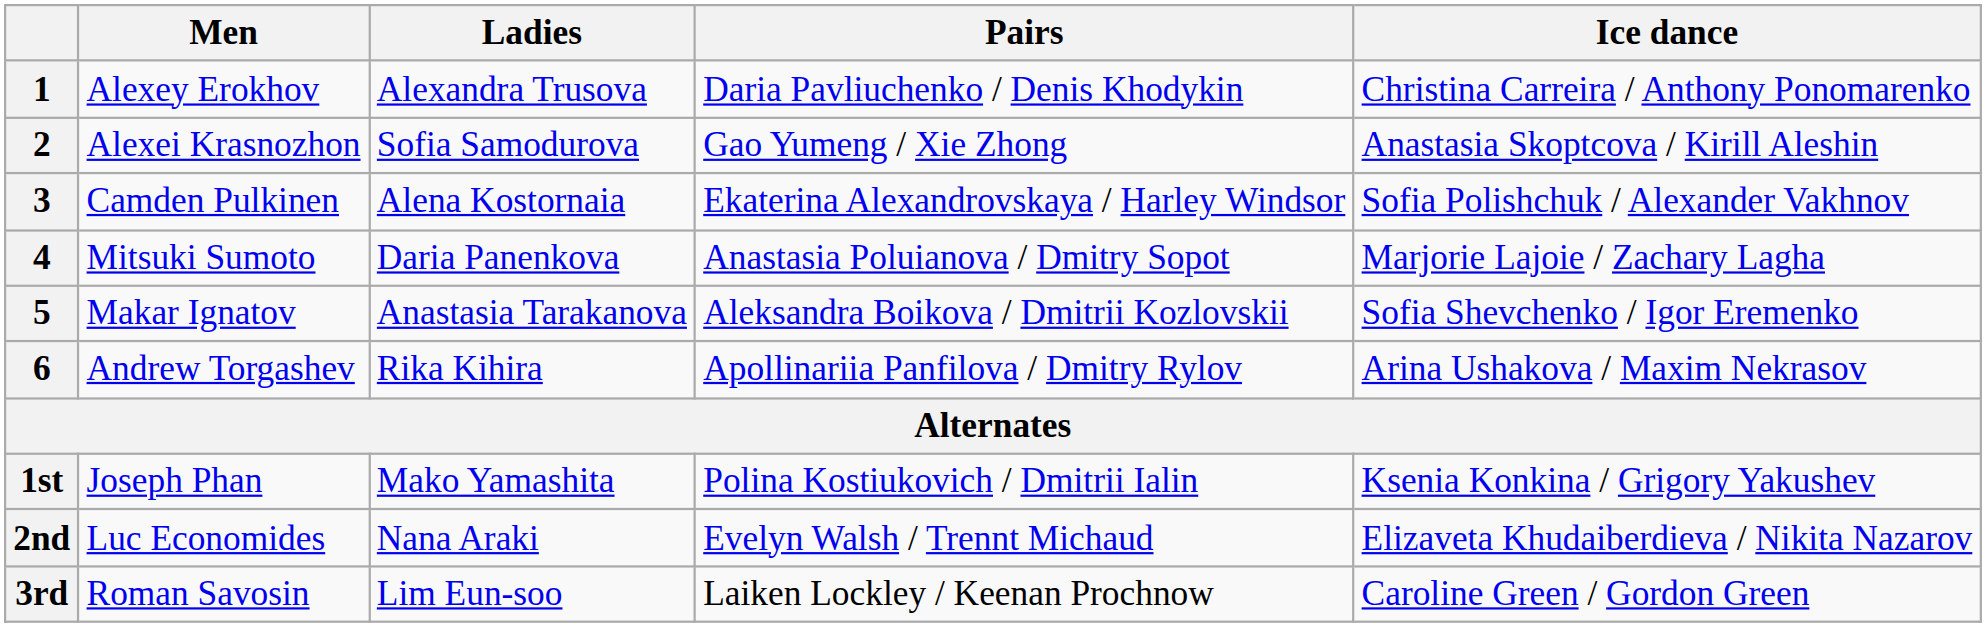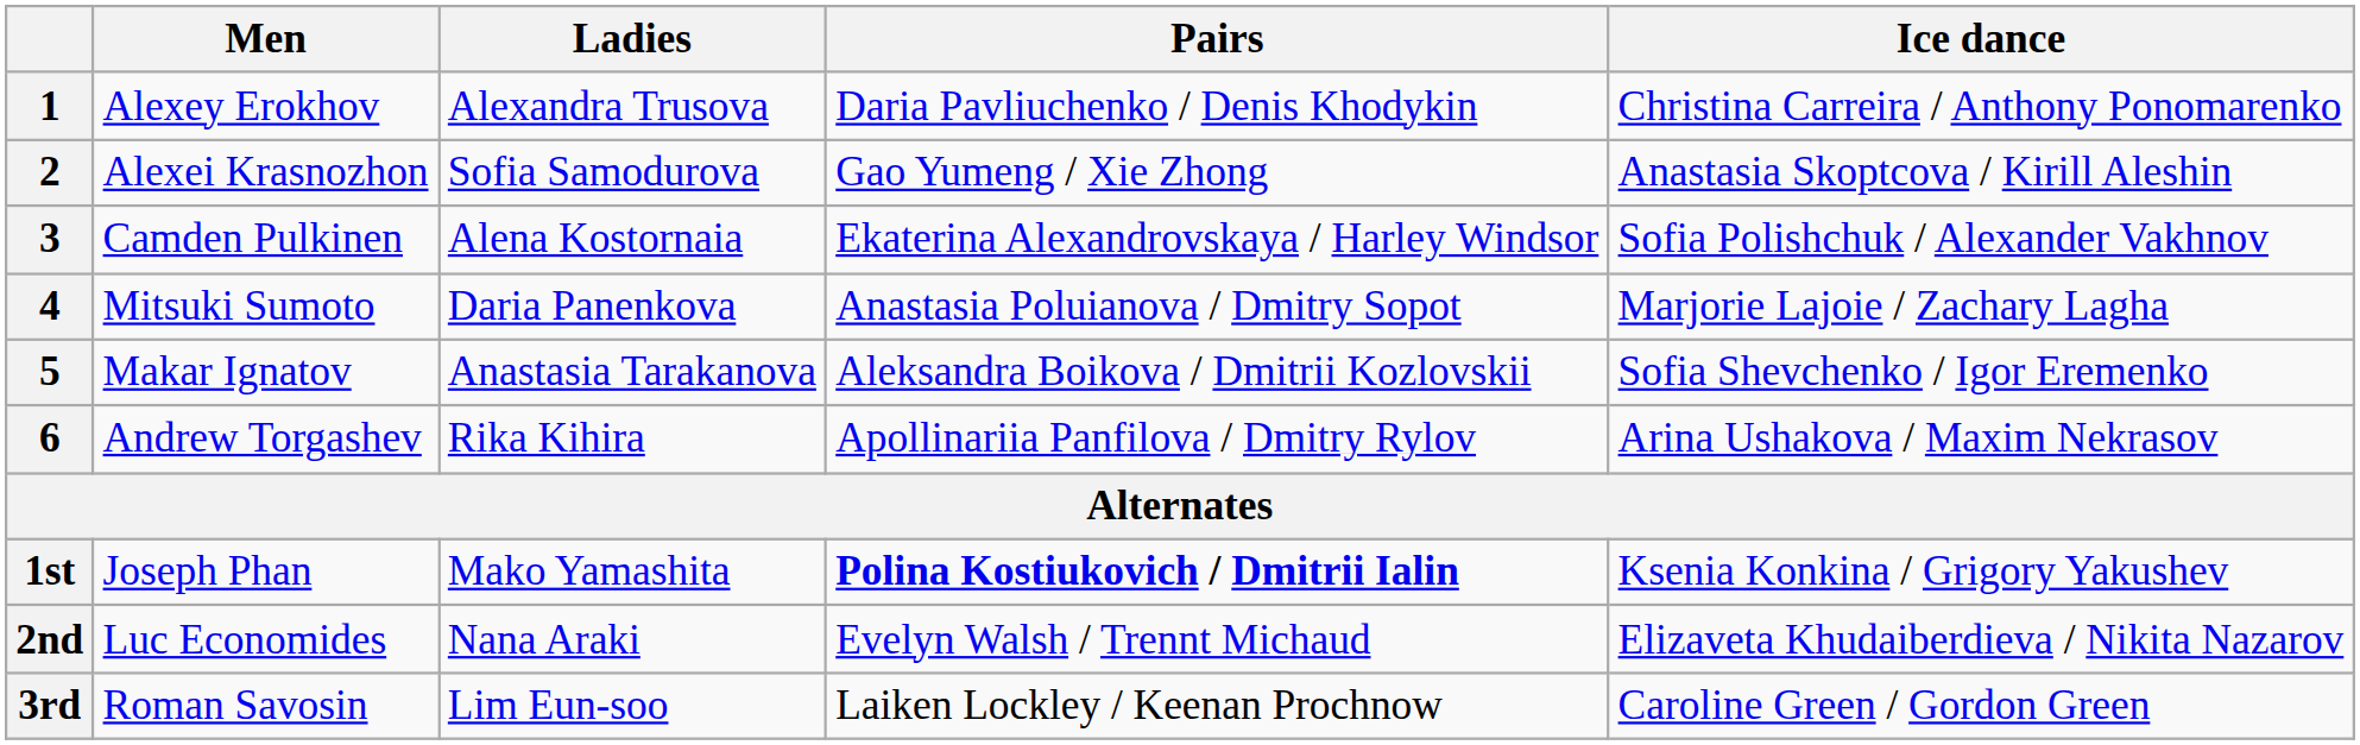 <table class="wikitable">
 <tr>
 <th></th>
 <th>Men</th>
 <th>Ladies</th>
 <th>Pairs</th>
 <th>Ice dance</th>
 </tr>
 <tr>
 <th>1</th>
 <td> <a href='#'>Alexey Erokhov</a></td>
 <td> <a href='#'>Alexandra Trusova</a></td>
 <td> <a href='#'>Daria Pavliuchenko</a> / <a href='#'>Denis Khodykin</a></td>
 <td> <a href='#'>Christina Carreira</a> / <a href='#'>Anthony Ponomarenko</a></td>
 </tr>
 <tr>
 <th>2</th>
 <td> <a href='#'>Alexei Krasnozhon</a></td>
 <td> <a href='#'>Sofia Samodurova</a></td>
 <td> <a href='#'>Gao Yumeng</a> / <a href='#'>Xie Zhong</a></td>
 <td> <a href='#'>Anastasia Skoptcova</a> / <a href='#'>Kirill Aleshin</a></td>
 </tr>
 <tr>
 <th>3</th>
 <td> <a href='#'>Camden Pulkinen</a></td>
 <td> <a href='#'>Alena Kostornaia</a></td>
 <td> <a href='#'>Ekaterina Alexandrovskaya</a> / <a href='#'>Harley Windsor</a></td>
 <td> <a href='#'>Sofia Polishchuk</a> / <a href='#'>Alexander Vakhnov</a></td>
 </tr>
 <tr>
 <th>4</th>
 <td> <a href='#'>Mitsuki Sumoto</a></td>
 <td> <a href='#'>Daria Panenkova</a></td>
 <td> <a href='#'>Anastasia Poluianova</a> / <a href='#'>Dmitry Sopot</a></td>
 <td> <a href='#'>Marjorie Lajoie</a> / <a href='#'>Zachary Lagha</a></td>
 </tr>
 <tr>
 <th>5</th>
 <td> <a href='#'>Makar Ignatov</a></td>
 <td> <a href='#'>Anastasia Tarakanova</a></td>
 <td> <a href='#'>Aleksandra Boikova</a> / <a href='#'>Dmitrii Kozlovskii</a></td>
 <td> <a href='#'>Sofia Shevchenko</a> / <a href='#'>Igor Eremenko</a></td>
 </tr>
 <tr>
 <th>6</th>
 <td> <a href='#'>Andrew Torgashev</a></td>
 <td> <a href='#'>Rika Kihira</a></td>
 <td> <a href='#'>Apollinariia Panfilova</a> / <a href='#'>Dmitry Rylov</a></td>
 <td> <a href='#'>Arina Ushakova</a> / <a href='#'>Maxim Nekrasov</a></td>
 </tr>
 <tr>
 <th colspan=5 align=center>Alternates</th>
 </tr>
 <tr>
 <th>1st</th>
 <td> <a href='#'>Joseph Phan</a></td>
 <td> <a href='#'>Mako Yamashita</a></td>
-<td> <a href='#'>Polina Kostiukovich</a> / <a href='#'>Dmitrii Ialin</a></td>
+<td><strong> <a href='#'>Polina Kostiukovich</a> / <a href='#'>Dmitrii Ialin</a></strong></td>
 <td> <a href='#'>Ksenia Konkina</a> / <a href='#'>Grigory Yakushev</a></td>
 </tr>
 <tr>
 <th>2nd</th>
 <td> <a href='#'>Luc Economides</a></td>
 <td> <a href='#'>Nana Araki</a></td>
 <td> <a href='#'>Evelyn Walsh</a> / <a href='#'>Trennt Michaud</a></td>
 <td> <a href='#'>Elizaveta Khudaiberdieva</a> / <a href='#'>Nikita Nazarov</a></td>
 </tr>
 <tr>
 <th>3rd</th>
 <td> <a href='#'>Roman Savosin</a></td>
 <td> <a href='#'>Lim Eun-soo</a></td>
 <td> Laiken Lockley / Keenan Prochnow</td>
 <td> <a href='#'>Caroline Green</a> / <a href='#'>Gordon Green</a></td>
 </tr>
 </table>
